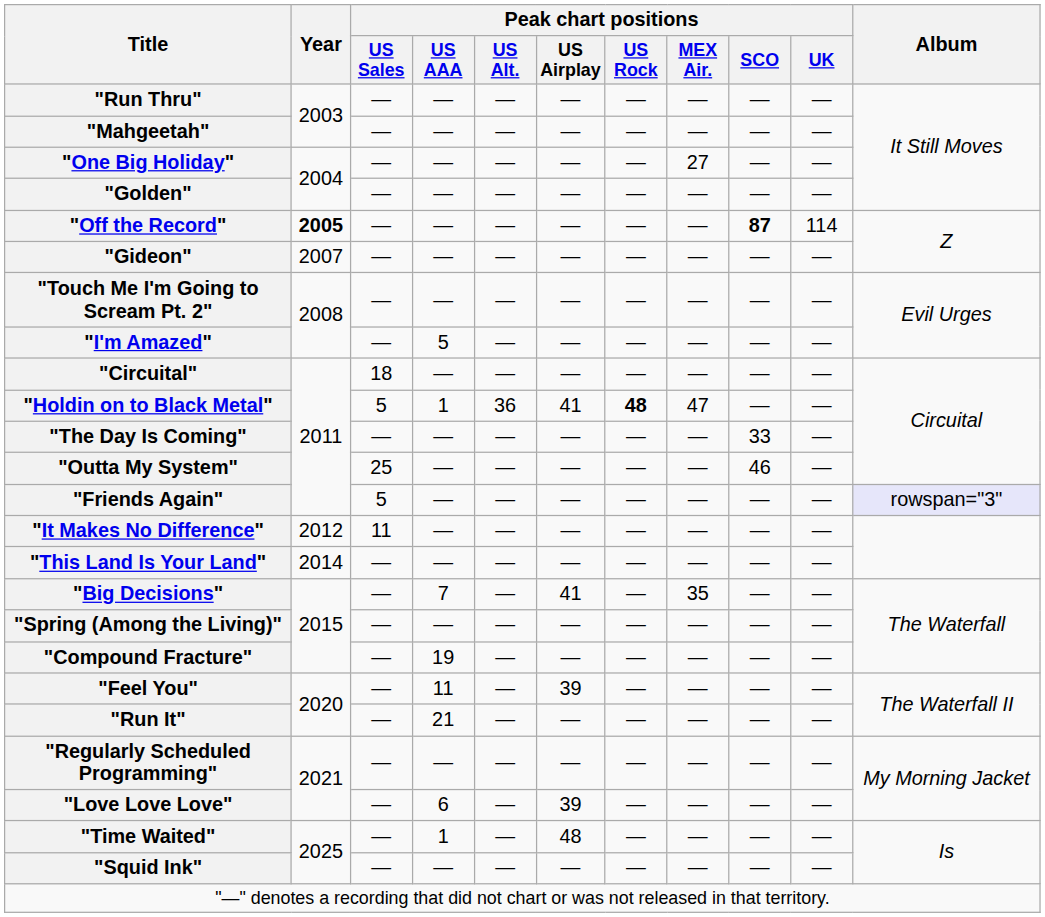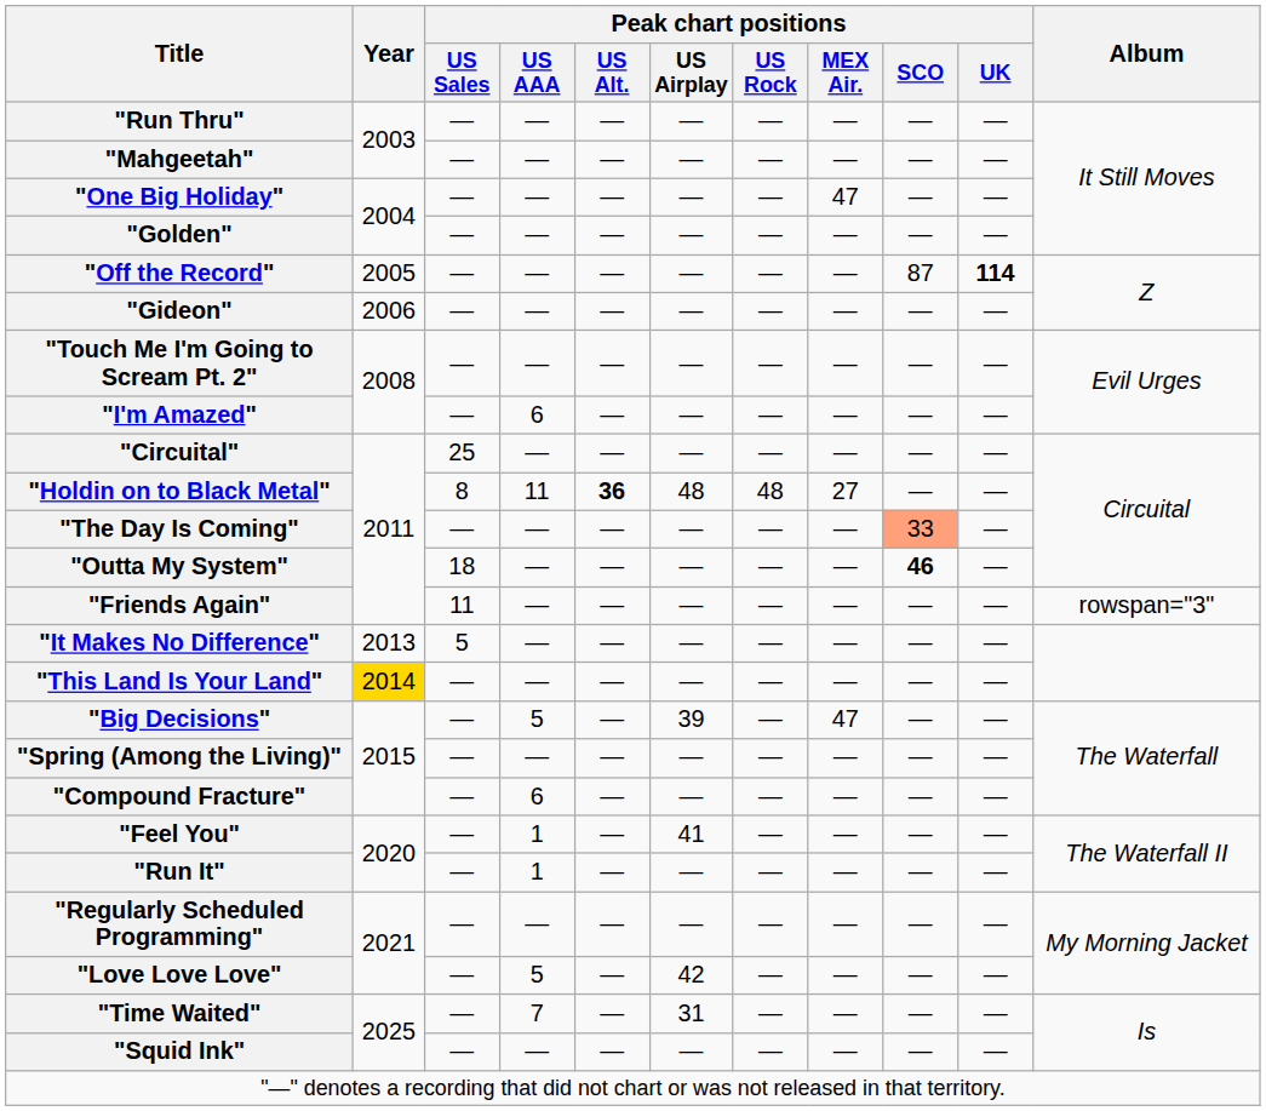 <table class="wikitable plainrowheaders" style="text-align:center;">
 <tr>
 <th scope="col" rowspan="2" style="width:14em;">Title</th>
 <th scope="col" rowspan="2" style="width:2.5em;">Year</th>
 <th scope="col" colspan="8">Peak chart positions</th>
 <th scope="col" rowspan="2" style="width:9em;">Album</th>
 </tr>
 <tr>
 <th scope="col" style="width:3em; font-size:90%;"><a href='#'>US<br>Sales</a><br></th>
 <th scope="col" style="width:3em; font-size:90%;"><a href='#'>US<br>AAA</a><br></th>
 <th scope="col" style="width:3em; font-size:90%;"><a href='#'>US<br>Alt.</a><br></th>
 <th scope="col" style="width:3em; font-size:90%;">US Airplay<br></th>
 <th scope="col" style="width:3em; font-size:90%;"><a href='#'>US<br>Rock</a><br></th>
 <th scope="col" style="width:3em; font-size:90%;"><a href='#'>MEX<br>Air.</a><br></th>
 <th scope="col" style="width:3em; font-size:90%;"><a href='#'>SCO</a><br></th>
 <th scope="col" style="width:3em; font-size:90%;"><a href='#'>UK</a><br></th>
 </tr>
 <tr>
 <th scope="row">"Run Thru"</th>
 <td rowspan=2>2003</td>
 <td>—</td>
 <td>—</td>
 <td>—</td>
 <td>—</td>
 <td>—</td>
 <td>—</td>
 <td>—</td>
 <td>—</td>
 <td rowspan=4><em>It Still Moves</em></td>
 </tr>
 <tr>
 <th scope="row">"Mahgeetah"</th>
 <td>—</td>
 <td>—</td>
 <td>—</td>
 <td>—</td>
 <td>—</td>
 <td>—</td>
 <td>—</td>
 <td>—</td>
 </tr>
 <tr>
 <th scope="row">"<a href='#'>One Big Holiday</a>"</th>
 <td rowspan=2>2004</td>
 <td>—</td>
 <td>—</td>
 <td>—</td>
 <td>—</td>
 <td>—</td>
-<td>27</td>
+<td>47</td>
 <td>—</td>
 <td>—</td>
 </tr>
 <tr>
 <th scope="row">"Golden"</th>
 <td>—</td>
 <td>—</td>
 <td>—</td>
 <td>—</td>
 <td>—</td>
 <td>—</td>
 <td>—</td>
 <td>—</td>
 </tr>
 <tr>
 <th scope="row">"<a href='#'>Off the Record</a>"</th>
-<td><strong>2005</strong></td>
+<td>2005</td>
 <td>—</td>
 <td>—</td>
 <td>—</td>
 <td>—</td>
 <td>—</td>
 <td>—</td>
-<td><strong>87</strong></td>
-<td>114</td>
+<td>87</td>
+<td><strong>114</strong></td>
 <td rowspan=2><em>Z</em></td>
 </tr>
 <tr>
 <th scope="row">"Gideon"</th>
-<td>2007</td>
+<td>2006</td>
 <td>—</td>
 <td>—</td>
 <td>—</td>
 <td>—</td>
 <td>—</td>
 <td>—</td>
 <td>—</td>
 <td>—</td>
 </tr>
 <tr>
 <th scope="row">"Touch Me I'm Going to Scream Pt. 2"</th>
 <td rowspan=2>2008</td>
 <td>—</td>
 <td>—</td>
 <td>—</td>
 <td>—</td>
 <td>—</td>
 <td>—</td>
 <td>—</td>
 <td>—</td>
 <td rowspan=2><em>Evil Urges</em></td>
 </tr>
 <tr>
 <th scope="row">"<a href='#'>I'm Amazed</a>"</th>
 <td>—</td>
-<td>5</td>
+<td>6</td>
 <td>—</td>
 <td>—</td>
 <td>—</td>
 <td>—</td>
 <td>—</td>
 <td>—</td>
 </tr>
 <tr>
 <th scope="row">"Circuital"</th>
 <td rowspan="5">2011</td>
-<td>18</td>
+<td>25</td>
 <td>—</td>
 <td>—</td>
 <td>—</td>
 <td>—</td>
 <td>—</td>
 <td>—</td>
 <td>—</td>
 <td rowspan="4"><em>Circuital</em></td>
 </tr>
 <tr>
 <th scope="row">"<a href='#'>Holdin on to Black Metal</a>"</th>
-<td>5</td>
-<td>1</td>
-<td>36</td>
-<td>41</td>
-<td><strong>48</strong></td>
-<td>47</td>
+<td>8</td>
+<td>11</td>
+<td><strong>36</strong></td>
+<td>48</td>
+<td>48</td>
+<td>27</td>
 <td>—</td>
 <td>—</td>
 </tr>
 <tr>
 <th scope="row">"The Day Is Coming"</th>
 <td>—</td>
 <td>—</td>
 <td>—</td>
 <td>—</td>
 <td>—</td>
 <td>—</td>
-<td>33</td>
+<td style="background: lightsalmon;">33</td>
 <td>—</td>
 </tr>
 <tr>
 <th scope="row">"Outta My System"</th>
-<td>25</td>
+<td>18</td>
 <td>—</td>
 <td>—</td>
 <td>—</td>
 <td>—</td>
 <td>—</td>
-<td>46</td>
+<td><strong>46</strong></td>
 <td>—</td>
 </tr>
 <tr>
 <th scope="row">"Friends Again"</th>
-<td>5</td>
+<td>11</td>
 <td>—</td>
 <td>—</td>
 <td>—</td>
 <td>—</td>
 <td>—</td>
 <td>—</td>
 <td>—</td>
-<td style="background: lavender;">rowspan="3" </td>
+<td>rowspan="3" </td>
 </tr>
 <tr>
 <th scope="row">"<a href='#'>It Makes No Difference</a>"<br></th>
-<td>2012</td>
-<td>11</td>
+<td>2013</td>
+<td>5</td>
 <td>—</td>
 <td>—</td>
 <td>—</td>
 <td>—</td>
 <td>—</td>
 <td>—</td>
 <td>—</td>
 </tr>
 <tr>
 <th scope="row">"<a href='#'>This Land Is Your Land</a>"</th>
-<td>2014</td>
+<td style="background: gold;">2014</td>
 <td>—</td>
 <td>—</td>
 <td>—</td>
 <td>—</td>
 <td>—</td>
 <td>—</td>
 <td>—</td>
 <td>—</td>
 </tr>
 <tr>
 <th scope="row">"<a href='#'>Big Decisions</a>"</th>
 <td rowspan=3>2015</td>
 <td>—</td>
-<td>7</td>
+<td>5</td>
 <td>—</td>
-<td>41</td>
+<td>39</td>
 <td>—</td>
-<td>35</td>
+<td>47</td>
 <td>—</td>
 <td>—</td>
 <td rowspan=3><em>The Waterfall</em></td>
 </tr>
 <tr>
 <th scope="row">"Spring (Among the Living)"</th>
 <td>—</td>
 <td>—</td>
 <td>—</td>
 <td>—</td>
 <td>—</td>
 <td>—</td>
 <td>—</td>
 <td>—</td>
 </tr>
 <tr>
 <th scope="row">"Compound Fracture"</th>
 <td>—</td>
-<td>19</td>
+<td>6</td>
 <td>—</td>
 <td>—</td>
 <td>—</td>
 <td>—</td>
 <td>—</td>
 <td>—</td>
 </tr>
 <tr>
 <th scope="row">"Feel You"</th>
 <td rowspan=2>2020</td>
 <td>—</td>
-<td>11</td>
+<td>1</td>
 <td>—</td>
-<td>39</td>
+<td>41</td>
 <td>—</td>
 <td>—</td>
 <td>—</td>
 <td>—</td>
 <td rowspan=2><em>The Waterfall II</em></td>
 </tr>
 <tr>
 <th scope="row">"Run It"</th>
 <td>—</td>
-<td>21</td>
+<td>1</td>
 <td>—</td>
 <td>—</td>
 <td>—</td>
 <td>—</td>
 <td>—</td>
 <td>—</td>
 </tr>
 <tr>
 <th scope="row">"Regularly Scheduled Programming"</th>
 <td rowspan="2">2021</td>
 <td>—</td>
 <td>—</td>
 <td>—</td>
 <td>—</td>
 <td>—</td>
 <td>—</td>
 <td>—</td>
 <td>—</td>
 <td rowspan="2"><em>My Morning Jacket</em></td>
 </tr>
 <tr>
 <th scope="row">"Love Love Love"</th>
 <td>—</td>
-<td>6</td>
+<td>5</td>
 <td>—</td>
-<td>39</td>
+<td>42</td>
 <td>—</td>
 <td>—</td>
 <td>—</td>
 <td>—</td>
 </tr>
 <tr>
 <th scope="row">"Time Waited"</th>
 <td rowspan="2">2025</td>
 <td>—</td>
-<td>1</td>
+<td>7</td>
 <td>—</td>
-<td>48</td>
+<td>31</td>
 <td>—</td>
 <td>—</td>
 <td>—</td>
 <td>—</td>
 <td rowspan="2"><em>Is</em></td>
 </tr>
 <tr>
 <th scope="row">"Squid Ink"</th>
 <td>—</td>
 <td>—</td>
 <td>—</td>
 <td>—</td>
 <td>—</td>
 <td>—</td>
 <td>—</td>
 <td>—</td>
 </tr>
 <tr>
 <td colspan="14" style="font-size:90%">"—" denotes a recording that did not chart or was not released in that territory.</td>
 </tr>
 </table>
